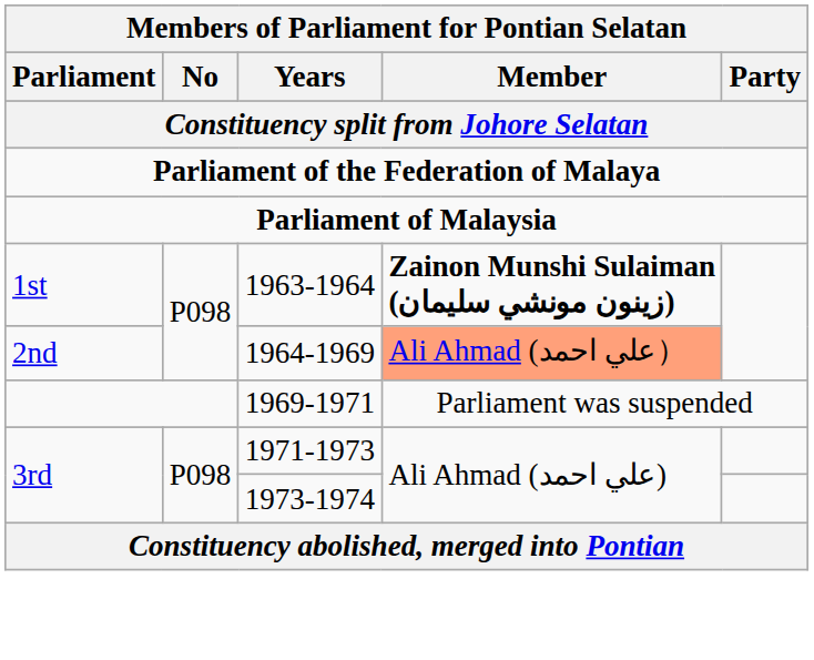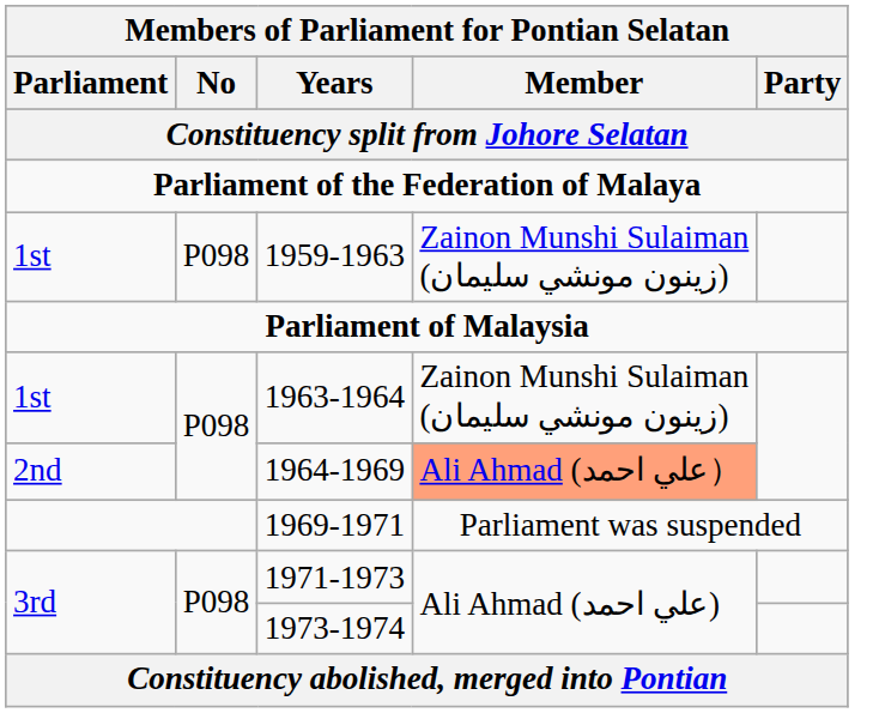 <table class=wikitable>
 <tr>
 <th colspan="5">Members of Parliament for Pontian Selatan</th>
 </tr>
 <tr>
 <th>Parliament</th>
 <th>No</th>
 <th>Years</th>
 <th>Member</th>
 <th>Party</th>
 </tr>
 <tr>
 <th colspan="5" align="center"><em>Constituency split from <a href='#'>Johore Selatan</a></em></th>
 </tr>
 <tr>
 <td colspan="5" align="center"><strong>Parliament of the Federation of Malaya</strong></td>
 </tr>
 <tr>
+<td><a href='#'>1st</a></td>
+<td>P098</td>
+<td>1959-1963</td>
+<td><a href='#'>Zainon Munshi Sulaiman</a> <br> (زينون مونشي سليمان)</td>
+<td></td>
+</tr>
+<tr>
 <td colspan="5" align="center"><strong>Parliament of Malaysia</strong></td>
 </tr>
 <tr>
 <td><a href='#'>1st</a></td>
 <td rowspan="2">P098</td>
 <td>1963-1964</td>
-<td><strong>Zainon Munshi Sulaiman <br> (زينون مونشي سليمان)</strong></td>
+<td>Zainon Munshi Sulaiman <br> (زينون مونشي سليمان)</td>
 <td rowspan=2></td>
 </tr>
 <tr>
 <td><a href='#'>2nd</a></td>
 <td>1964-1969</td>
 <td style="background: lightsalmon;"><a href='#'>Ali Ahmad</a> (علي احمد）</td>
 </tr>
 <tr>
 <td colspan="2"></td>
 <td>1969-1971</td>
 <td colspan=2 align=center>Parliament was suspended</td>
 </tr>
 <tr>
 <td rowspan=2><a href='#'>3rd</a></td>
 <td rowspan="2">P098</td>
 <td>1971-1973</td>
 <td rowspan=2>Ali Ahmad (علي احمد)</td>
 <td></td>
 </tr>
 <tr>
 <td>1973-1974</td>
 <td></td>
 </tr>
 <tr>
 <th colspan="5" align="center"><em>Constituency abolished, merged into <a href='#'>Pontian</a></em></th>
 </tr>
 </table>
